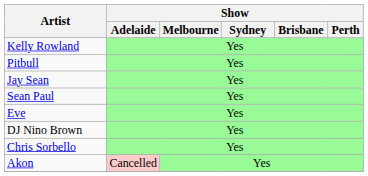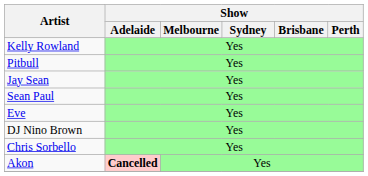 <table class="wikitable" width="55%" style="font-size:1em; line-height:0.95em;">
 <tr>
 <th width=30% rowspan="2">Artist</th>
 <th colspan="5">Show</th>
 </tr>
 <tr>
 <th width=15%>Adelaide</th>
 <th width=15%>Melbourne</th>
 <th width=15%>Sydney</th>
 <th width=15%>Brisbane</th>
 <th width=15%>Perth</th>
 </tr>
 <tr align=center>
 <td align=left><a href='#'>Kelly Rowland</a></td>
 <td colspan="5" style="background:#98FB98">Yes</td>
 </tr>
 <tr align=center>
 <td align=left><a href='#'>Pitbull</a></td>
 <td colspan="5" style="background:#98FB98">Yes</td>
 </tr>
 <tr align=center>
 <td align=left><a href='#'>Jay Sean</a></td>
 <td colspan="5" style="background:#98FB98">Yes</td>
 </tr>
 <tr align=center>
 <td align=left><a href='#'>Sean Paul</a></td>
 <td colspan="5" style="background:#98FB98">Yes</td>
 </tr>
 <tr align=center>
 <td align=left><a href='#'>Eve</a></td>
 <td colspan="5" style="background:#98FB98">Yes</td>
 </tr>
 <tr align=center>
 <td align=left>DJ Nino Brown</td>
 <td colspan="5" style="background:#98FB98">Yes</td>
 </tr>
 <tr align=center>
 <td align=left><a href='#'>Chris Sorbello</a></td>
 <td colspan="5" style="background:#98FB98">Yes</td>
 </tr>
 <tr align=center>
 <td align=left><a href='#'>Akon</a></td>
-<td colspan="1" style="background:#ffcccc">Cancelled</td>
+<td colspan="1" style="background:#ffcccc"><strong>Cancelled</strong></td>
 <td colspan="4" style="background:#98FB98">Yes</td>
 </tr>
 <tr align=center>
 </tr>
 </table>
